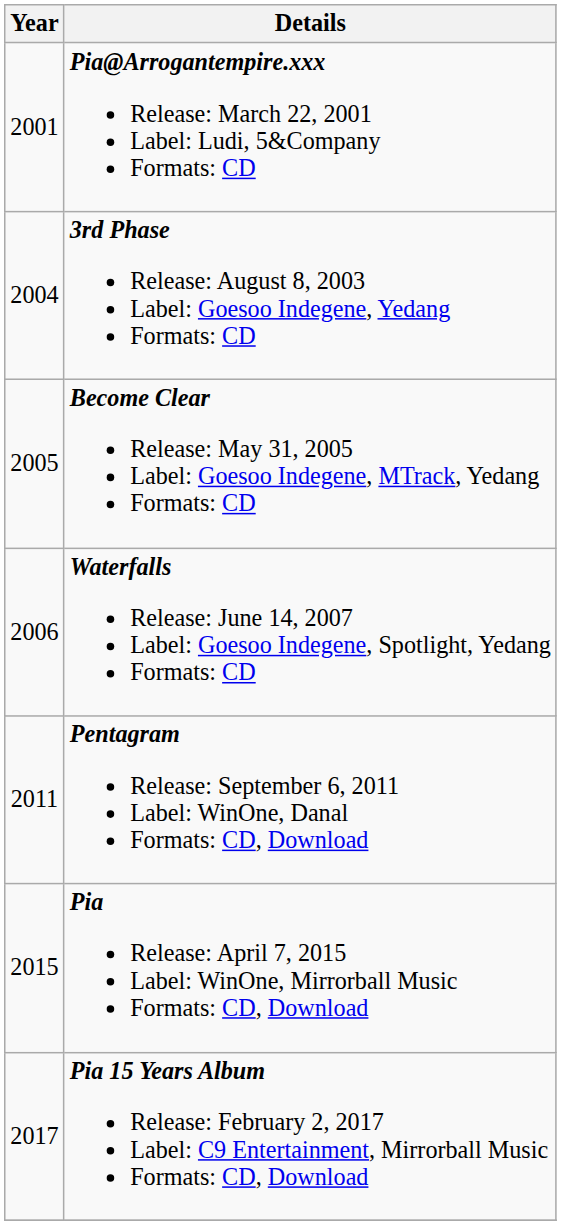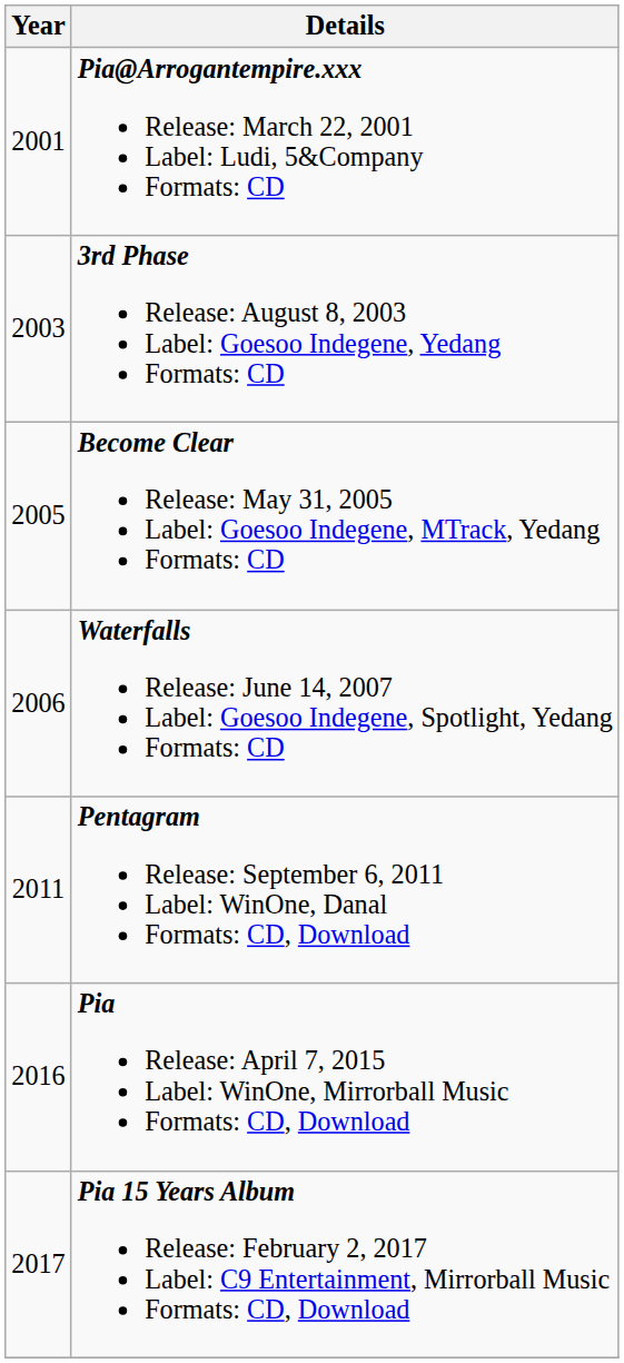 <table class="wikitable" style="text-align:center">
 <tr>
 <th>Year</th>
 <th>Details</th>
 </tr>
 <tr>
 <td style="text-align:center;">2001</td>
 <td style="text-align:left;"><strong><em>Pia@Arrogantempire.xxx</em></strong><br><ul><li>Release: March 22, 2001</li><li>Label: Ludi, 5&Company</li><li>Formats: <a href='#'>CD</a></li></ul></td>
 </tr>
 <tr>
-<td style="text-align:center;">2004</td>
+<td style="text-align:center;">2003</td>
 <td style="text-align:left;"><strong><em>3rd Phase</em></strong><br><ul><li>Release: August 8, 2003</li><li>Label: <a href='#'>Goesoo Indegene</a>, <a href='#'>Yedang</a></li><li>Formats: <a href='#'>CD</a></li></ul></td>
 </tr>
 <tr>
 <td style="text-align:center;">2005</td>
 <td style="text-align:left;"><strong><em>Become Clear</em></strong><br><ul><li>Release: May 31, 2005</li><li>Label: <a href='#'>Goesoo Indegene</a>, <a href='#'>MTrack</a>, Yedang</li><li>Formats: <a href='#'>CD</a></li></ul></td>
 </tr>
 <tr>
 <td style="text-align:center;">2006</td>
 <td style="text-align:left;"><strong><em>Waterfalls</em></strong><br><ul><li>Release: June 14, 2007</li><li>Label: <a href='#'>Goesoo Indegene</a>, Spotlight, Yedang</li><li>Formats: <a href='#'>CD</a></li></ul></td>
 </tr>
 <tr>
 <td style="text-align:center;">2011</td>
 <td style="text-align:left;"><strong><em>Pentagram</em></strong><br><ul><li>Release: September 6, 2011</li><li>Label: WinOne, Danal</li><li>Formats: <a href='#'>CD</a>, <a href='#'>Download</a></li></ul></td>
 </tr>
 <tr>
-<td style="text-align:center;">2015</td>
+<td style="text-align:center;">2016</td>
 <td style="text-align:left;"><strong><em>Pia</em></strong><br><ul><li>Release: April 7, 2015</li><li>Label: WinOne, Mirrorball Music</li><li>Formats: <a href='#'>CD</a>, <a href='#'>Download</a></li></ul></td>
 </tr>
 <tr>
 <td style="text-align:center;">2017</td>
 <td style="text-align:left;"><strong><em>Pia 15 Years Album</em></strong><br><ul><li>Release: February 2, 2017</li><li>Label: <a href='#'>C9 Entertainment</a>, Mirrorball Music</li><li>Formats: <a href='#'>CD</a>, <a href='#'>Download</a></li></ul></td>
 </tr>
 <tr>
 </tr>
 </table>
